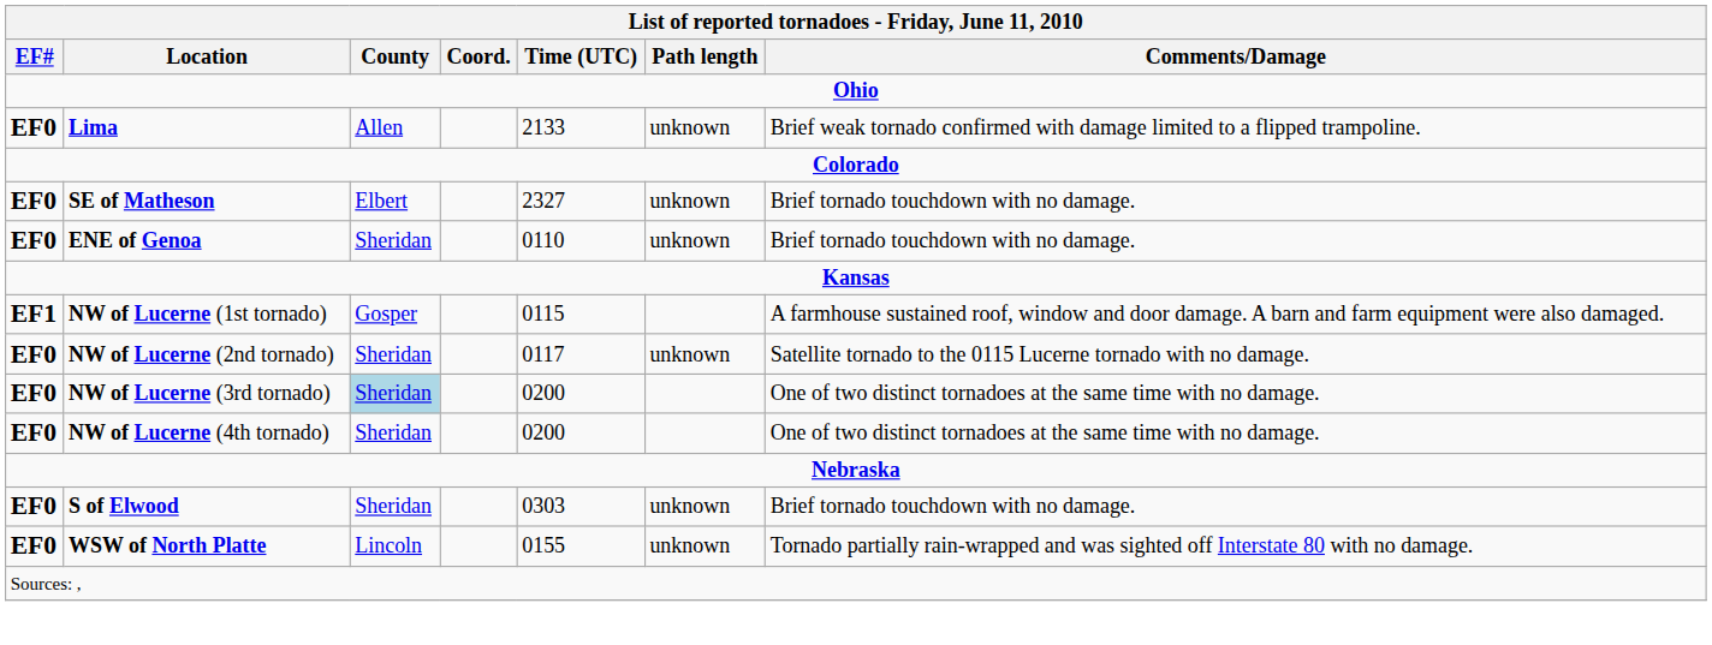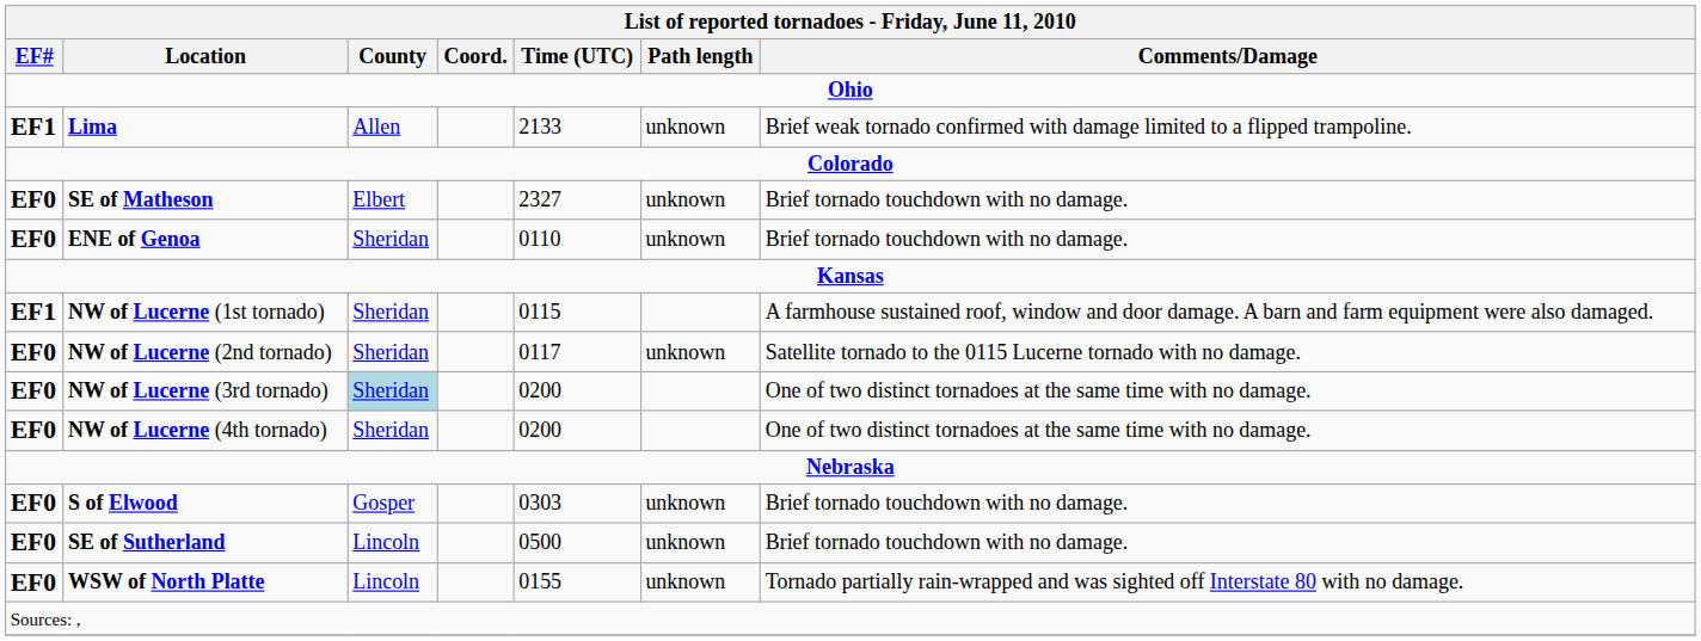 <table class="wikitable collapsible" width="100%">
 <tr>
 <th colspan="7">List of reported tornadoes - Friday, June 11, 2010</th>
 </tr>
 <tr>
 <th><a href='#'>EF#</a></th>
 <th>Location</th>
 <th>County</th>
 <th>Coord.</th>
 <th>Time (UTC)</th>
 <th>Path length</th>
 <th>Comments/Damage</th>
 </tr>
 <tr>
 <td colspan="7" align=center><strong><a href='#'>Ohio</a></strong></td>
 </tr>
 <tr>
-<td><big><strong>EF0</strong></big></td>
+<td><big><strong>EF1</strong></big></td>
 <td><strong><a href='#'>Lima</a></strong></td>
 <td><a href='#'>Allen</a></td>
 <td></td>
 <td>2133</td>
 <td>unknown</td>
 <td>Brief weak tornado confirmed with damage limited to a flipped trampoline.</td>
 </tr>
 <tr>
 <td colspan="7" align=center><strong><a href='#'>Colorado</a></strong></td>
 </tr>
 <tr>
 <td><big><strong>EF0</strong></big></td>
 <td><strong>SE of <a href='#'>Matheson</a></strong></td>
 <td><a href='#'>Elbert</a></td>
 <td></td>
 <td>2327</td>
 <td>unknown</td>
 <td>Brief tornado touchdown with no damage.</td>
 </tr>
 <tr>
 <td><big><strong>EF0</strong></big></td>
 <td><strong>ENE of <a href='#'>Genoa</a></strong></td>
 <td><a href='#'>Sheridan</a></td>
 <td></td>
 <td>0110</td>
 <td>unknown</td>
 <td>Brief tornado touchdown with no damage.</td>
 </tr>
 <tr>
 <td colspan="7" align=center><strong><a href='#'>Kansas</a></strong></td>
 </tr>
 <tr>
 <td><big><strong>EF1</strong></big></td>
 <td><strong>NW of <a href='#'>Lucerne</a></strong> (1st tornado)</td>
-<td><a href='#'>Gosper</a></td>
+<td><a href='#'>Sheridan</a></td>
 <td></td>
 <td>0115</td>
 <td></td>
 <td>A farmhouse sustained roof, window and door damage. A barn and farm equipment were also damaged.</td>
 </tr>
 <tr>
 <td><big><strong>EF0</strong></big></td>
 <td><strong>NW of <a href='#'>Lucerne</a></strong> (2nd tornado)</td>
 <td><a href='#'>Sheridan</a></td>
 <td></td>
 <td>0117</td>
 <td>unknown</td>
 <td>Satellite tornado to the 0115 Lucerne tornado with no damage.</td>
 </tr>
 <tr>
 <td><big><strong>EF0</strong></big></td>
 <td><strong>NW of <a href='#'>Lucerne</a></strong> (3rd tornado)</td>
 <td style="background: lightblue;"><a href='#'>Sheridan</a></td>
 <td></td>
 <td>0200</td>
 <td></td>
 <td>One of two distinct tornadoes at the same time with no damage.</td>
 </tr>
 <tr>
 <td><big><strong>EF0</strong></big></td>
 <td><strong>NW of <a href='#'>Lucerne</a></strong> (4th tornado)</td>
 <td><a href='#'>Sheridan</a></td>
 <td></td>
 <td>0200</td>
 <td></td>
 <td>One of two distinct tornadoes at the same time with no damage.</td>
 </tr>
 <tr>
 <td colspan="7" align=center><strong><a href='#'>Nebraska</a></strong></td>
 </tr>
 <tr>
 <td><big><strong>EF0</strong></big></td>
 <td><strong>S of <a href='#'>Elwood</a></strong></td>
-<td><a href='#'>Sheridan</a></td>
+<td><a href='#'>Gosper</a></td>
 <td></td>
 <td>0303</td>
+<td>unknown</td>
+<td>Brief tornado touchdown with no damage.</td>
+</tr>
+<tr>
+<td><big><strong>EF0</strong></big></td>
+<td><strong>SE of <a href='#'>Sutherland</a></strong></td>
+<td><a href='#'>Lincoln</a></td>
+<td></td>
+<td>0500</td>
 <td>unknown</td>
 <td>Brief tornado touchdown with no damage.</td>
 </tr>
 <tr>
 <td><big><strong>EF0</strong></big></td>
 <td><strong>WSW of <a href='#'>North Platte</a></strong></td>
 <td><a href='#'>Lincoln</a></td>
 <td></td>
 <td>0155</td>
 <td>unknown</td>
 <td>Tornado partially rain-wrapped and was sighted off <a href='#'>Interstate 80</a> with no damage.</td>
 </tr>
 <tr>
 <td colspan="7"><small>Sources: , </small></td>
 </tr>
 <tr>
 </tr>
 </table>
